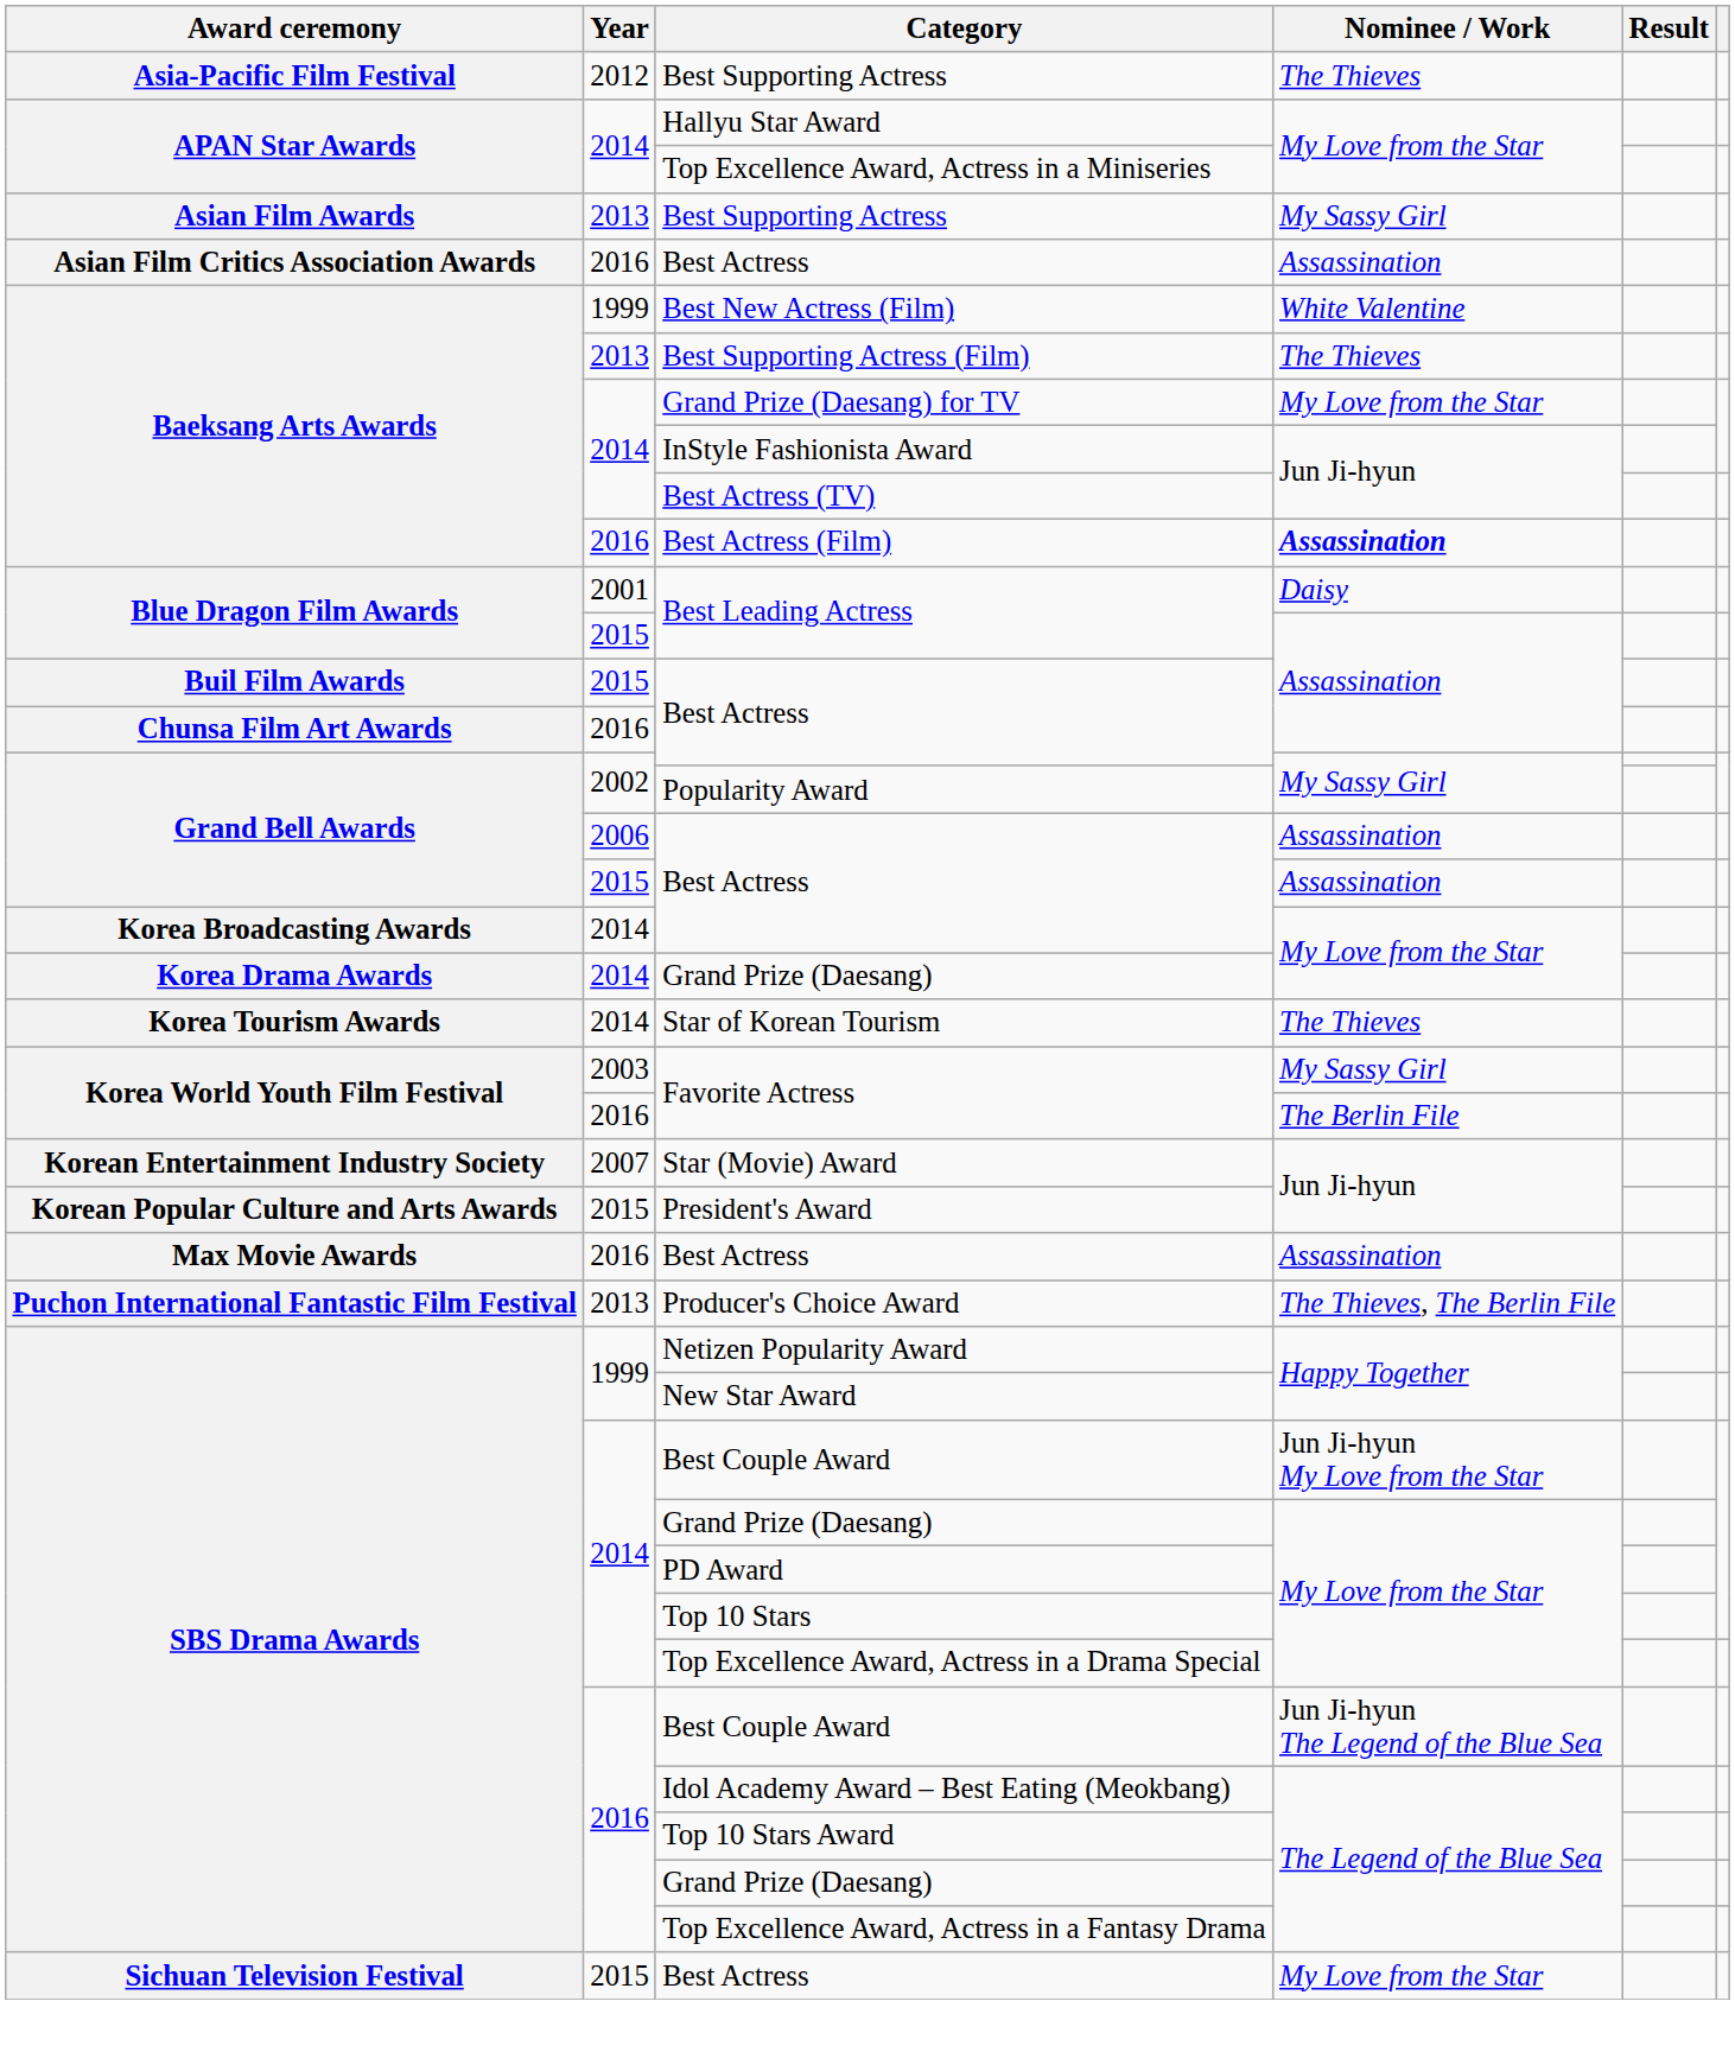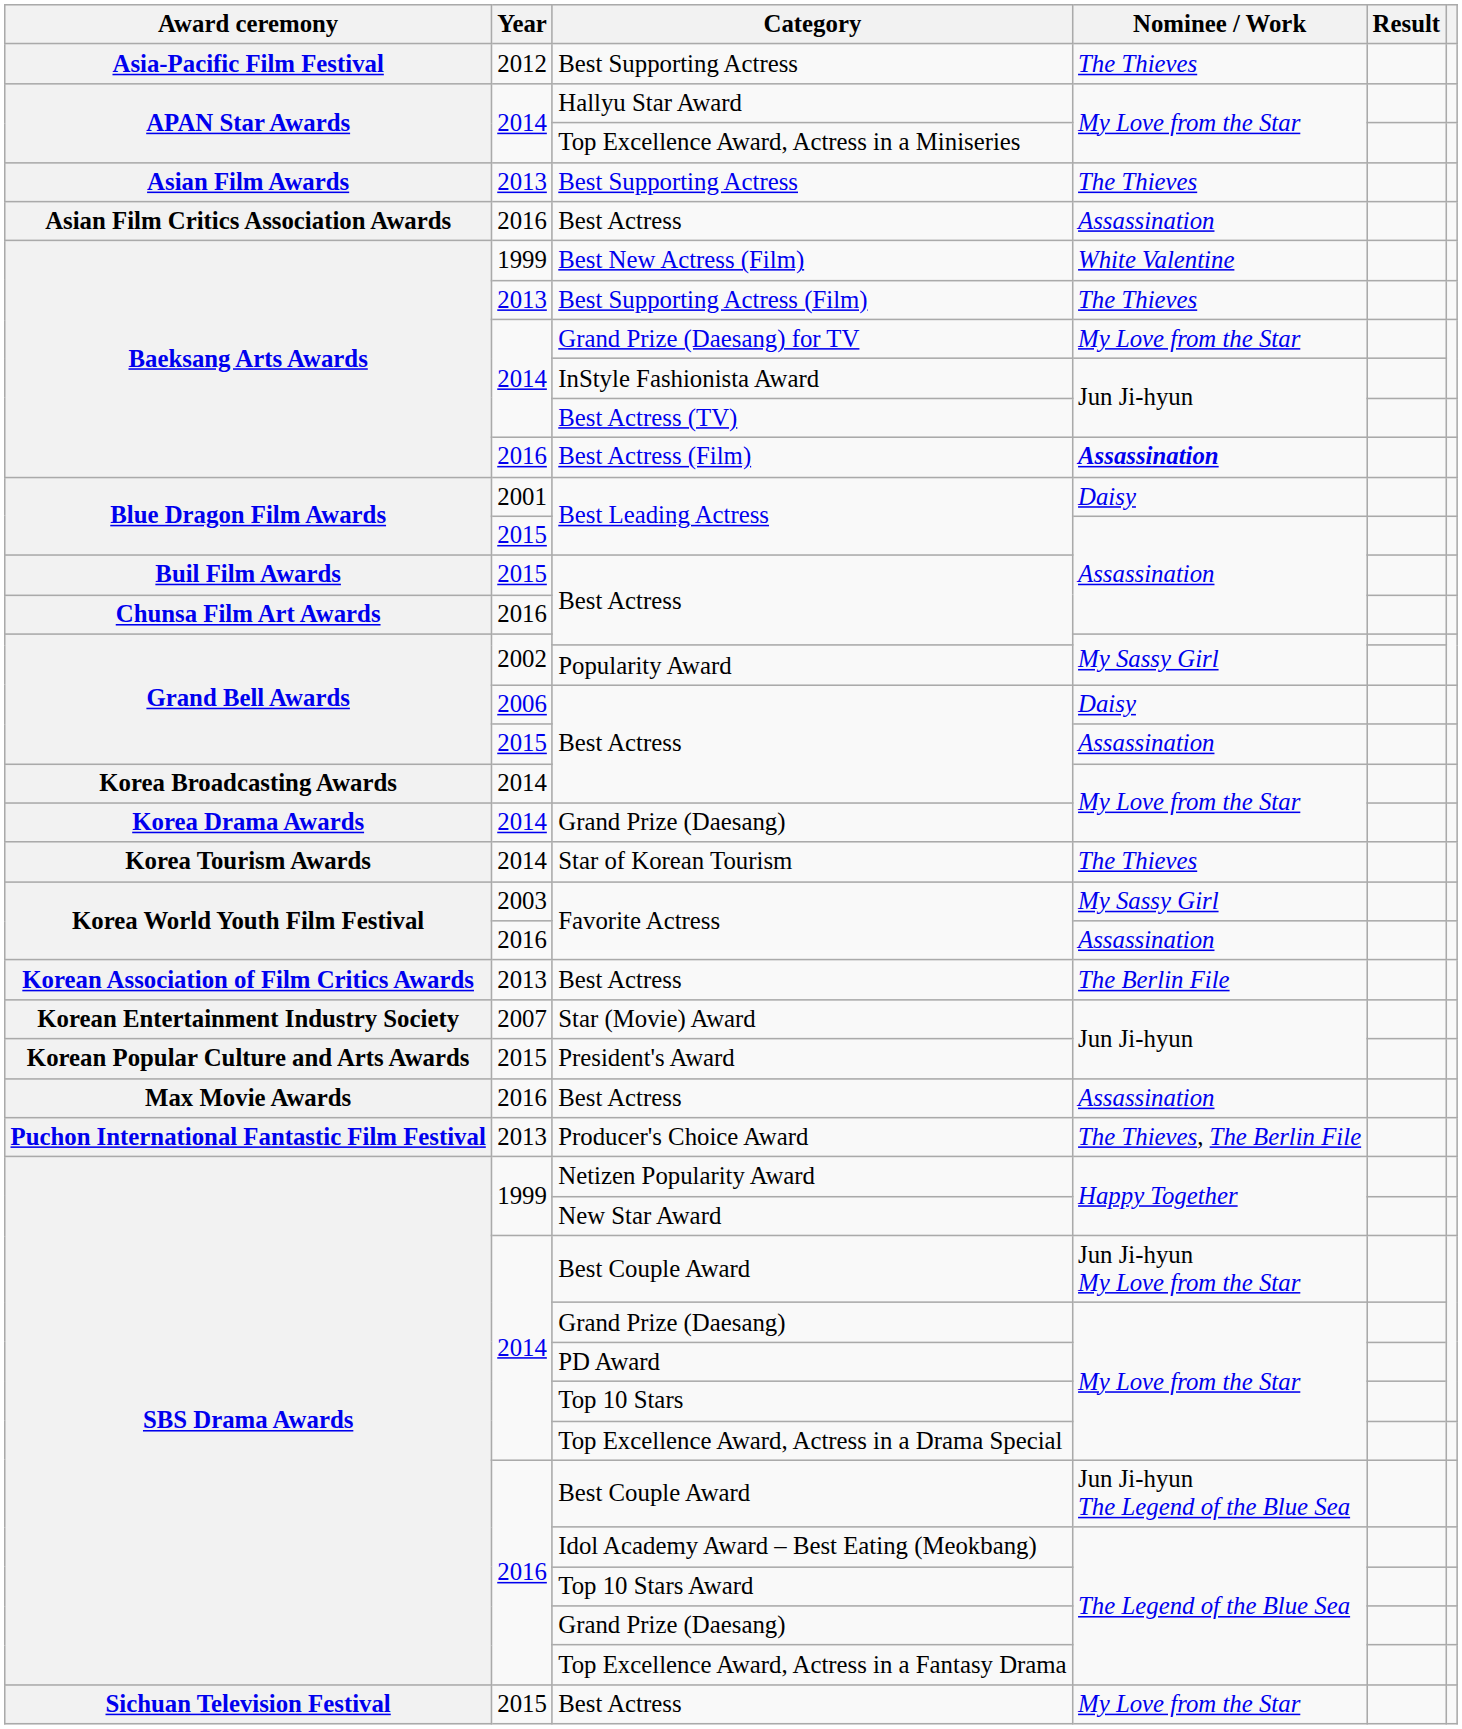 <table class="wikitable plainrowheaders sortable">
 <tr>
 <th scope="col">Award ceremony</th>
 <th scope="col">Year</th>
 <th scope="col">Category </th>
 <th scope="col">Nominee / Work</th>
 <th scope="col">Result</th>
 <th scope="col" class="unsortable"></th>
 </tr>
 <tr>
 <th scope="row"><a href='#'>Asia-Pacific Film Festival</a></th>
 <td style="text-align:center">2012</td>
 <td>Best Supporting Actress</td>
 <td><em><a href='#'>The Thieves</a></em></td>
 <td></td>
 <td style="text-align:center"></td>
 </tr>
 <tr>
 <th scope="row" rowspan="2"><a href='#'>APAN Star Awards</a></th>
 <td rowspan="2" style="text-align:center"><a href='#'>2014</a></td>
 <td>Hallyu Star Award</td>
 <td rowspan="2"><em><a href='#'>My Love from the Star</a></em></td>
 <td></td>
 <td style="text-align:center"></td>
 </tr>
 <tr>
 <td>Top Excellence Award, Actress in a Miniseries</td>
 <td></td>
 <td style="text-align:center"></td>
 </tr>
 <tr>
 <th scope="row"><a href='#'>Asian Film Awards</a></th>
 <td style="text-align:center"><a href='#'>2013</a></td>
 <td><a href='#'>Best Supporting Actress</a></td>
-<td><em><a href='#'>My Sassy Girl</a></em></td>
+<td><em><a href='#'>The Thieves</a></em></td>
 <td></td>
 <td style="text-align:center"></td>
 </tr>
 <tr>
 <th scope="row">Asian Film Critics Association Awards</th>
 <td style="text-align:center">2016</td>
 <td>Best Actress</td>
 <td><em><a href='#'>Assassination</a></em></td>
 <td></td>
 <td style="text-align:center"></td>
 </tr>
 <tr>
 <th scope="row" rowspan="6"><a href='#'>Baeksang Arts Awards</a></th>
 <td style="text-align:center">1999</td>
 <td><a href='#'>Best New Actress (Film)</a></td>
 <td><em><a href='#'>White Valentine</a></em></td>
 <td></td>
 <td style="text-align:center"></td>
 </tr>
 <tr>
 <td style="text-align:center"><a href='#'>2013</a></td>
 <td><a href='#'>Best Supporting Actress (Film)</a></td>
 <td><em><a href='#'>The Thieves</a></em></td>
 <td></td>
 <td style="text-align:center"></td>
 </tr>
 <tr>
 <td rowspan="3" style="text-align:center"><a href='#'>2014</a></td>
 <td><a href='#'>Grand Prize (Daesang) for TV</a></td>
 <td><em><a href='#'>My Love from the Star</a></em></td>
 <td></td>
 <td rowspan="2" style="text-align:center"></td>
 </tr>
 <tr>
 <td>InStyle Fashionista Award</td>
 <td rowspan="2">Jun Ji-hyun</td>
 <td></td>
 </tr>
 <tr>
 <td><a href='#'>Best Actress (TV)</a></td>
 <td></td>
 <td style="text-align:center"></td>
 </tr>
 <tr>
 <td style="text-align:center"><a href='#'>2016</a></td>
 <td><a href='#'>Best Actress (Film)</a></td>
 <td><strong><em><a href='#'>Assassination</a></em></strong></td>
 <td></td>
 <td style="text-align:center"></td>
 </tr>
 <tr>
 <th scope="row" rowspan="2"><a href='#'>Blue Dragon Film Awards</a></th>
 <td style="text-align:center">2001</td>
 <td rowspan="2"><a href='#'>Best Leading Actress</a></td>
 <td><em><a href='#'>Daisy</a></em></td>
 <td></td>
 <td style="text-align:center"></td>
 </tr>
 <tr>
 <td style="text-align:center"><a href='#'>2015</a></td>
 <td rowspan="3"><em><a href='#'>Assassination</a></em></td>
 <td></td>
 <td style="text-align:center"></td>
 </tr>
 <tr>
 <th scope="row"><a href='#'>Buil Film Awards</a></th>
 <td style="text-align:center"><a href='#'>2015</a></td>
 <td rowspan="3">Best Actress</td>
 <td></td>
 <td style="text-align:center"></td>
 </tr>
 <tr>
 <th scope="row"><a href='#'>Chunsa Film Art Awards</a></th>
 <td style="text-align:center">2016</td>
 <td></td>
 <td style="text-align:center"></td>
 </tr>
 <tr>
 <th scope="row" rowspan="4"><a href='#'>Grand Bell Awards</a></th>
 <td rowspan="2" style="text-align:center">2002</td>
 <td rowspan="2"><em><a href='#'>My Sassy Girl</a></em></td>
 <td></td>
 <td style="text-align:center" rowspan="2"></td>
 </tr>
 <tr>
 <td>Popularity Award</td>
 <td></td>
 </tr>
 <tr>
 <td style="text-align:center"><a href='#'>2006</a></td>
 <td rowspan="3">Best Actress</td>
-<td><em><a href='#'>Assassination</a></em></td>
+<td><em><a href='#'>Daisy</a></em></td>
 <td></td>
 <td style="text-align:center"></td>
 </tr>
 <tr>
 <td style="text-align:center"><a href='#'>2015</a></td>
 <td><em><a href='#'>Assassination</a></em></td>
 <td></td>
 <td style="text-align:center"></td>
 </tr>
 <tr>
 <th scope="row">Korea Broadcasting Awards</th>
 <td style="text-align:center">2014</td>
 <td rowspan="2"><em><a href='#'>My Love from the Star</a></em></td>
 <td></td>
 <td style="text-align:center"></td>
 </tr>
 <tr>
 <th scope="row"><a href='#'>Korea Drama Awards</a></th>
 <td style="text-align:center"><a href='#'>2014</a></td>
 <td>Grand Prize (Daesang)</td>
 <td></td>
 <td style="text-align:center"></td>
 </tr>
 <tr>
 <th scope="row">Korea Tourism Awards</th>
 <td style="text-align:center">2014</td>
 <td>Star of Korean Tourism</td>
 <td><em><a href='#'>The Thieves</a></em></td>
 <td></td>
 <td style="text-align:center"> </td>
 </tr>
 <tr>
 <th scope="row" rowspan="2">Korea World Youth Film Festival</th>
 <td style="text-align:center">2003</td>
 <td rowspan="2">Favorite Actress</td>
 <td><em><a href='#'>My Sassy Girl</a></em></td>
 <td></td>
 <td style="text-align:center"></td>
 </tr>
 <tr>
 <td style="text-align:center">2016</td>
+<td><em><a href='#'>Assassination</a></em></td>
+<td></td>
+<td style="text-align:center"></td>
+</tr>
+<tr>
+<th scope="row"><a href='#'>Korean Association of Film Critics Awards</a></th>
+<td style="text-align:center">2013</td>
+<td>Best Actress</td>
 <td><em><a href='#'>The Berlin File</a></em></td>
 <td></td>
 <td style="text-align:center"></td>
 </tr>
 <tr>
 <th scope="row">Korean Entertainment Industry Society</th>
 <td style="text-align:center">2007</td>
 <td>Star (Movie) Award</td>
 <td rowspan="2">Jun Ji-hyun</td>
 <td></td>
 <td style="text-align:center"></td>
 </tr>
 <tr>
 <th scope="row">Korean Popular Culture and Arts Awards</th>
 <td style="text-align:center">2015</td>
 <td>President's Award</td>
 <td></td>
 <td style="text-align:center"></td>
 </tr>
 <tr>
 <th scope="row">Max Movie Awards</th>
 <td style="text-align:center">2016</td>
 <td>Best Actress</td>
 <td><em><a href='#'>Assassination</a></em></td>
 <td></td>
 <td style="text-align:center"></td>
 </tr>
 <tr>
 <th scope="row"><a href='#'>Puchon International Fantastic Film Festival</a></th>
 <td style="text-align:center">2013</td>
 <td>Producer's Choice Award</td>
 <td><em><a href='#'>The Thieves</a></em>, <em><a href='#'>The Berlin File</a></em></td>
 <td></td>
 <td style="text-align:center"></td>
 </tr>
 <tr>
 <th scope="row" rowspan="12"><a href='#'>SBS Drama Awards</a></th>
 <td rowspan="2" style="text-align:center">1999</td>
 <td>Netizen Popularity Award</td>
 <td rowspan="2"><em><a href='#'>Happy Together</a></em></td>
 <td></td>
 <td style="text-align:center"></td>
 </tr>
 <tr>
 <td>New Star Award</td>
 <td></td>
 <td style="text-align:center"></td>
 </tr>
 <tr>
 <td rowspan="5" style="text-align:center"><a href='#'>2014</a></td>
 <td>Best Couple Award</td>
 <td>Jun Ji-hyun <br><em><a href='#'>My Love from the Star</a></em></td>
 <td></td>
 <td rowspan="4" style="text-align:center"></td>
 </tr>
 <tr>
 <td>Grand Prize (Daesang)</td>
 <td rowspan="4"><em><a href='#'>My Love from the Star</a></em></td>
 <td></td>
 </tr>
 <tr>
 <td>PD Award</td>
 <td></td>
 </tr>
 <tr>
 <td>Top 10 Stars</td>
 <td></td>
 </tr>
 <tr>
 <td>Top Excellence Award, Actress in a Drama Special</td>
 <td></td>
 <td style="text-align:center"></td>
 </tr>
 <tr>
 <td rowspan="5" style="text-align:center"><a href='#'>2016</a></td>
 <td>Best Couple Award</td>
 <td>Jun Ji-hyun <br><em><a href='#'>The Legend of the Blue Sea</a></em></td>
 <td></td>
 <td style="text-align:center"></td>
 </tr>
 <tr>
 <td>Idol Academy Award – Best Eating (Meokbang)</td>
 <td rowspan="4"><em><a href='#'>The Legend of the Blue Sea</a></em></td>
 <td></td>
 <td style="text-align:center"></td>
 </tr>
 <tr>
 <td>Top 10 Stars Award</td>
 <td></td>
 <td style="text-align:center"></td>
 </tr>
 <tr>
 <td>Grand Prize (Daesang)</td>
 <td></td>
 <td style="text-align:center"></td>
 </tr>
 <tr>
 <td>Top Excellence Award, Actress in a Fantasy Drama</td>
 <td></td>
 <td style="text-align:center"></td>
 </tr>
 <tr>
 <th scope="row"><a href='#'>Sichuan Television Festival</a></th>
 <td style="text-align:center">2015</td>
 <td>Best Actress</td>
 <td><em><a href='#'>My Love from the Star</a></em></td>
 <td></td>
 <td style="text-align:center"></td>
 </tr>
 </table>
